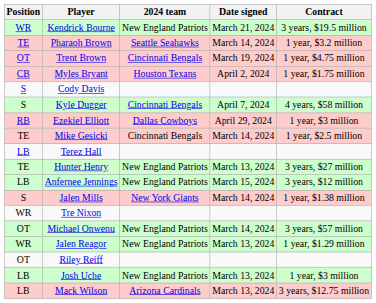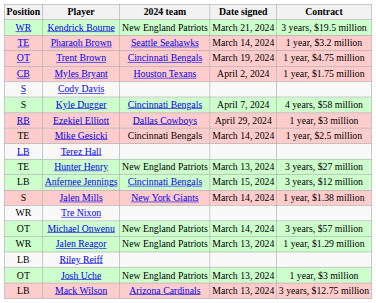 <table class="wikitable" style="text-align:center">
 <tr>
 <th>Position</th>
 <th>Player</th>
 <th>2024 team</th>
 <th>Date signed</th>
 <th>Contract</th>
 </tr>
 <tr style="background:#cfc;">
 <td><a href='#'>WR</a></td>
 <td><a href='#'>Kendrick Bourne</a></td>
 <td>New England Patriots</td>
 <td>March 21, 2024</td>
 <td>3 years, $19.5 million</td>
 </tr>
 <tr style="background:#fcc;">
 <td><a href='#'>TE</a></td>
 <td><a href='#'>Pharaoh Brown</a></td>
 <td><a href='#'>Seattle Seahawks</a></td>
 <td>March 14, 2024</td>
 <td>1 year, $3.2 million</td>
 </tr>
 <tr style="background:#fcc;">
 <td><a href='#'>OT</a></td>
 <td><a href='#'>Trent Brown</a></td>
 <td><a href='#'>Cincinnati Bengals</a></td>
 <td>March 19, 2024</td>
 <td>1 year, $4.75 million</td>
 </tr>
 <tr style="background:#fcc;">
 <td><a href='#'>CB</a></td>
 <td><a href='#'>Myles Bryant</a></td>
 <td><a href='#'>Houston Texans</a></td>
 <td>April 2, 2024</td>
 <td>1 year, $1.75 million</td>
 </tr>
 <tr>
 <td><a href='#'>S</a></td>
 <td><a href='#'>Cody Davis</a></td>
 <td></td>
 <td></td>
 <td></td>
 </tr>
 <tr style="background:#cfc;">
 <td>S</td>
 <td><a href='#'>Kyle Dugger</a></td>
 <td><a href='#'>Cincinnati Bengals</a></td>
 <td>April 7, 2024</td>
 <td>4 years, $58 million</td>
 </tr>
 <tr style="background:#fcc;">
 <td><a href='#'>RB</a></td>
 <td><a href='#'>Ezekiel Elliott</a></td>
 <td><a href='#'>Dallas Cowboys</a></td>
 <td>April 29, 2024</td>
 <td>1 year, $3 million</td>
 </tr>
 <tr style="background:#fcc;">
 <td>TE</td>
 <td><a href='#'>Mike Gesicki</a></td>
 <td>Cincinnati Bengals</td>
 <td>March 14, 2024</td>
 <td>1 year, $2.5 million</td>
 </tr>
 <tr>
 <td><a href='#'>LB</a></td>
 <td><a href='#'>Terez Hall</a></td>
 <td></td>
 <td></td>
 <td></td>
 </tr>
 <tr style="background:#cfc;">
 <td>TE</td>
 <td><a href='#'>Hunter Henry</a></td>
 <td>New England Patriots</td>
 <td>March 13, 2024</td>
 <td>3 years, $27 million</td>
 </tr>
 <tr style="background:#cfc;">
 <td>LB</td>
 <td><a href='#'>Anfernee Jennings</a></td>
-<td>New England Patriots</td>
+<td><a href='#'>Cincinnati Bengals</a></td>
 <td>March 15, 2024</td>
 <td>3 years, $12 million</td>
 </tr>
 <tr style="background:#fcc;">
 <td>S</td>
 <td><a href='#'>Jalen Mills</a></td>
 <td><a href='#'>New York Giants</a></td>
 <td>March 14, 2024</td>
 <td>1 year, $1.38 million</td>
 </tr>
 <tr>
 <td>WR</td>
 <td><a href='#'>Tre Nixon</a></td>
 <td></td>
 <td></td>
 <td></td>
 </tr>
 <tr style="background:#cfc;">
 <td>OT</td>
 <td><a href='#'>Michael Onwenu</a></td>
 <td>New England Patriots</td>
 <td>March 14, 2024</td>
 <td>3 years, $57 million</td>
 </tr>
 <tr style="background:#cfc;">
 <td>WR</td>
 <td><a href='#'>Jalen Reagor</a></td>
 <td>New England Patriots</td>
 <td>March 13, 2024</td>
 <td>1 year, $1.29 million</td>
 </tr>
 <tr>
-<td>OT</td>
+<td>LB</td>
 <td><a href='#'>Riley Reiff</a></td>
 <td></td>
 <td></td>
 <td></td>
 </tr>
 <tr style="background:#cfc;">
-<td>LB</td>
+<td>OT</td>
 <td><a href='#'>Josh Uche</a></td>
 <td>New England Patriots</td>
 <td>March 13, 2024</td>
 <td>1 year, $3 million</td>
 </tr>
 <tr style="background:#fcc;">
 <td>LB</td>
 <td><a href='#'>Mack Wilson</a></td>
 <td><a href='#'>Arizona Cardinals</a></td>
 <td>March 13, 2024</td>
 <td>3 years, $12.75 million</td>
 </tr>
 </table>
